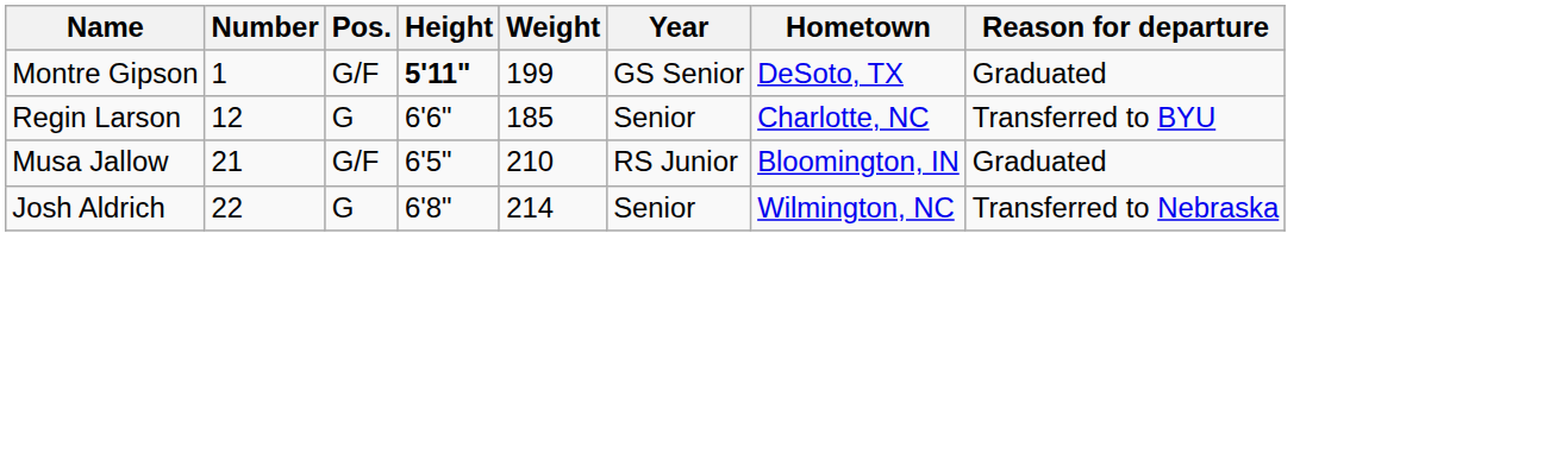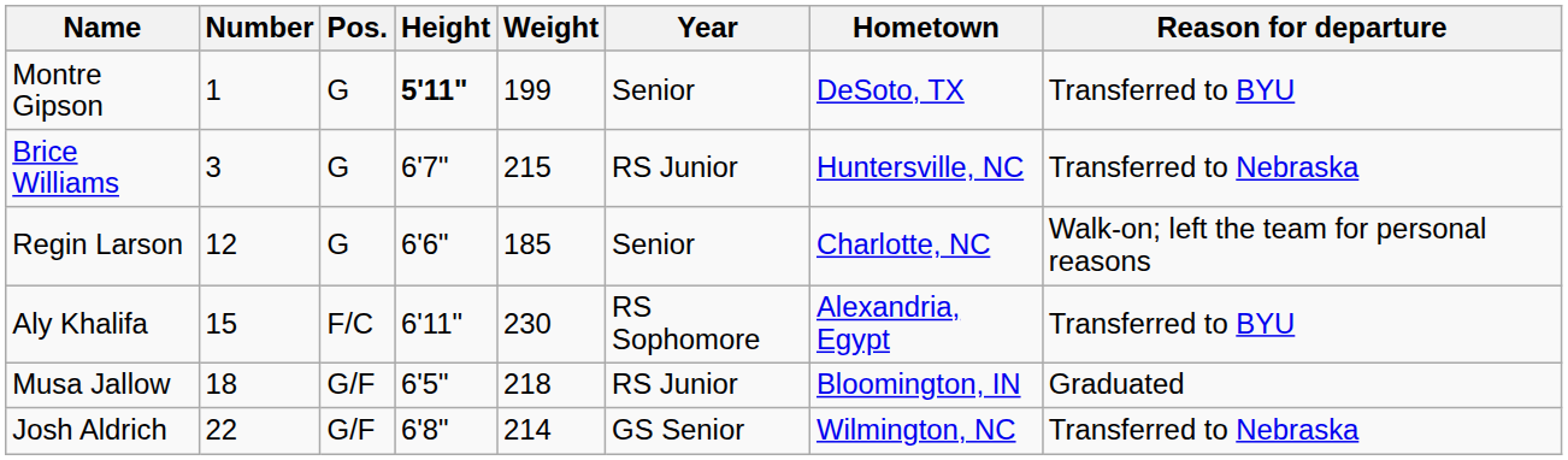 <table class="wikitable sortable" border="1">
 <tr>
 <th>Name</th>
 <th>Number</th>
 <th>Pos.</th>
 <th>Height</th>
 <th>Weight</th>
 <th>Year</th>
 <th>Hometown</th>
 <th>Reason for departure</th>
 </tr>
 <tr>
 <td>Montre Gipson</td>
 <td>1</td>
-<td>G/F</td>
+<td>G</td>
 <td><strong>5'11"</strong></td>
 <td>199</td>
-<td>GS Senior</td>
+<td>Senior</td>
 <td><a href='#'>DeSoto, TX</a></td>
-<td>Graduated</td>
+<td>Transferred to <a href='#'>BYU</a></td>
+</tr>
+<tr>
+<td><a href='#'>Brice Williams</a></td>
+<td>3</td>
+<td>G</td>
+<td>6'7"</td>
+<td>215</td>
+<td>RS Junior</td>
+<td><a href='#'>Huntersville, NC</a></td>
+<td>Transferred to <a href='#'>Nebraska</a></td>
 </tr>
 <tr>
 <td>Regin Larson</td>
 <td>12</td>
 <td>G</td>
 <td>6'6"</td>
 <td>185</td>
 <td>Senior</td>
 <td><a href='#'>Charlotte, NC</a></td>
+<td>Walk-on; left the team for personal reasons</td>
+</tr>
+<tr>
+<td>Aly Khalifa</td>
+<td>15</td>
+<td>F/C</td>
+<td>6'11"</td>
+<td>230</td>
+<td>RS Sophomore</td>
+<td><a href='#'>Alexandria, Egypt</a></td>
 <td>Transferred to <a href='#'>BYU</a></td>
 </tr>
 <tr>
 <td>Musa Jallow</td>
-<td>21</td>
+<td>18</td>
 <td>G/F</td>
 <td>6'5"</td>
-<td>210</td>
+<td>218</td>
 <td>RS Junior</td>
 <td><a href='#'>Bloomington, IN</a></td>
 <td>Graduated</td>
 </tr>
 <tr>
 <td>Josh Aldrich</td>
 <td>22</td>
-<td>G</td>
+<td>G/F</td>
 <td>6'8"</td>
 <td>214</td>
-<td>Senior</td>
+<td>GS Senior</td>
 <td><a href='#'>Wilmington, NC</a></td>
 <td>Transferred to <a href='#'>Nebraska</a></td>
 </tr>
 </table>
